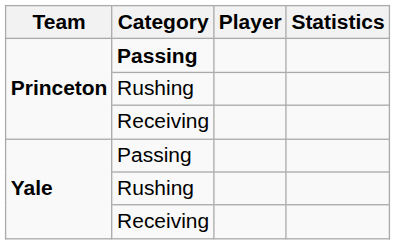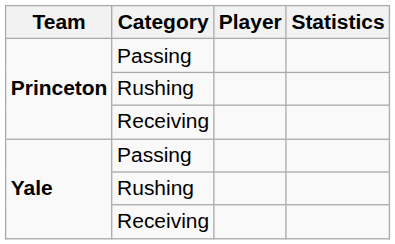 <table class="wikitable" style="float: right;">
 <tr>
 <th>Team</th>
 <th>Category</th>
 <th>Player</th>
 <th>Statistics</th>
 </tr>
 <tr>
 <td rowspan=3><strong>Princeton</strong></td>
-<td><strong>Passing</strong></td>
+<td>Passing</td>
 <td></td>
 <td></td>
 </tr>
 <tr>
 <td>Rushing</td>
 <td></td>
 <td></td>
 </tr>
 <tr>
 <td>Receiving</td>
 <td></td>
 <td></td>
 </tr>
 <tr>
 <td rowspan=3><strong>Yale</strong></td>
 <td>Passing</td>
 <td></td>
 <td></td>
 </tr>
 <tr>
 <td>Rushing</td>
 <td></td>
 <td></td>
 </tr>
 <tr>
 <td>Receiving</td>
 <td></td>
 <td></td>
 </tr>
 </table>
